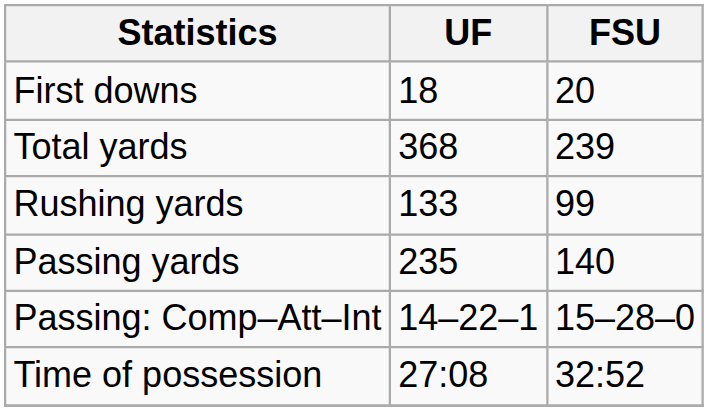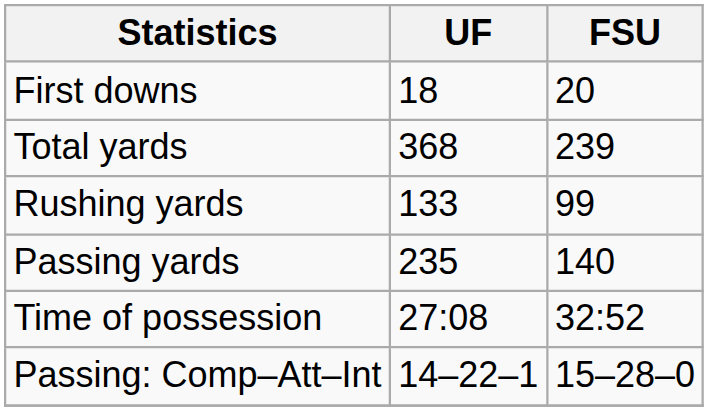 <table class="wikitable" style="float: left;">
 <tr>
 <th>Statistics</th>
 <th>UF</th>
 <th>FSU</th>
 </tr>
 <tr>
 <td>First downs</td>
 <td>18</td>
 <td>20</td>
 </tr>
 <tr>
 <td>Total yards</td>
 <td>368</td>
 <td>239</td>
 </tr>
 <tr>
 <td>Rushing yards</td>
 <td>133</td>
 <td>99</td>
 </tr>
 <tr>
 <td>Passing yards</td>
 <td>235</td>
 <td>140</td>
 </tr>
 <tr>
+<td>Time of possession</td>
+<td>27:08</td>
+<td>32:52</td>
+</tr>
+<tr>
 <td>Passing: Comp–Att–Int</td>
 <td>14–22–1</td>
 <td>15–28–0</td>
 </tr>
 <tr>
-<td>Time of possession</td>
-<td>27:08</td>
-<td>32:52</td>
-</tr>
-<tr>
 </tr>
 </table>
